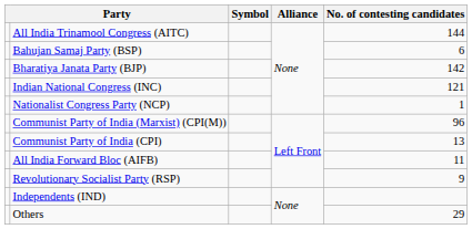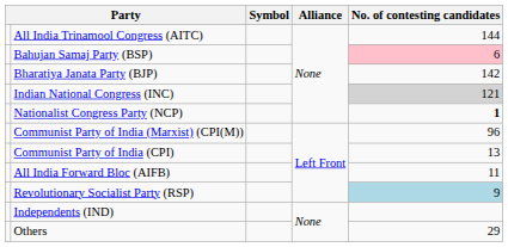 <table class="wikitable">
 <tr>
 <th colspan="2">Party</th>
 <th>Symbol</th>
 <th>Alliance</th>
 <th>No. of contesting candidates</th>
 </tr>
 <tr>
 <td></td>
 <td><a href='#'>All India Trinamool Congress</a> (AITC)</td>
 <td></td>
 <td rowspan="5"><em>None</em></td>
 <td style="text-align:right">144</td>
 </tr>
 <tr>
 <td></td>
 <td><a href='#'>Bahujan Samaj Party</a> (BSP)</td>
 <td></td>
-<td style="text-align:right">6</td>
+<td style="background: pink; text-align:right">6</td>
 </tr>
 <tr>
 <td></td>
 <td><a href='#'>Bharatiya Janata Party</a> (BJP)</td>
 <td></td>
 <td style="text-align:right">142</td>
 </tr>
 <tr>
 <td></td>
 <td><a href='#'>Indian National Congress</a> (INC)</td>
 <td></td>
-<td style="text-align:right">121</td>
+<td style="background: lightgrey; text-align:right">121</td>
 </tr>
 <tr>
 <td></td>
 <td><a href='#'>Nationalist Congress Party</a> (NCP)</td>
 <td></td>
-<td style="text-align:right">1</td>
+<td style="text-align:right"><strong>1</strong></td>
 </tr>
 <tr>
 <td></td>
 <td><a href='#'>Communist Party of India (Marxist)</a> (CPI(M))</td>
 <td></td>
 <td rowspan="4"><a href='#'>Left Front</a></td>
 <td style="text-align:right">96</td>
 </tr>
 <tr>
 <td></td>
 <td><a href='#'>Communist Party of India</a> (CPI)</td>
 <td></td>
 <td style="text-align:right">13</td>
 </tr>
 <tr>
 <td></td>
 <td><a href='#'>All India Forward Bloc</a> (AIFB)</td>
 <td></td>
 <td style="text-align:right">11</td>
 </tr>
 <tr>
 <td></td>
 <td><a href='#'>Revolutionary Socialist Party</a> (RSP)</td>
 <td></td>
-<td style="text-align:right">9</td>
+<td style="background: lightblue; text-align:right">9</td>
 </tr>
 <tr>
 <td></td>
 <td><a href='#'>Independents</a> (IND)</td>
 <td></td>
 <td rowspan="2"><em>None</em></td>
 <td style="text-align:right"></td>
 </tr>
 <tr>
 <td></td>
 <td>Others</td>
 <td></td>
 <td style="text-align:right">29</td>
 </tr>
 </table>
